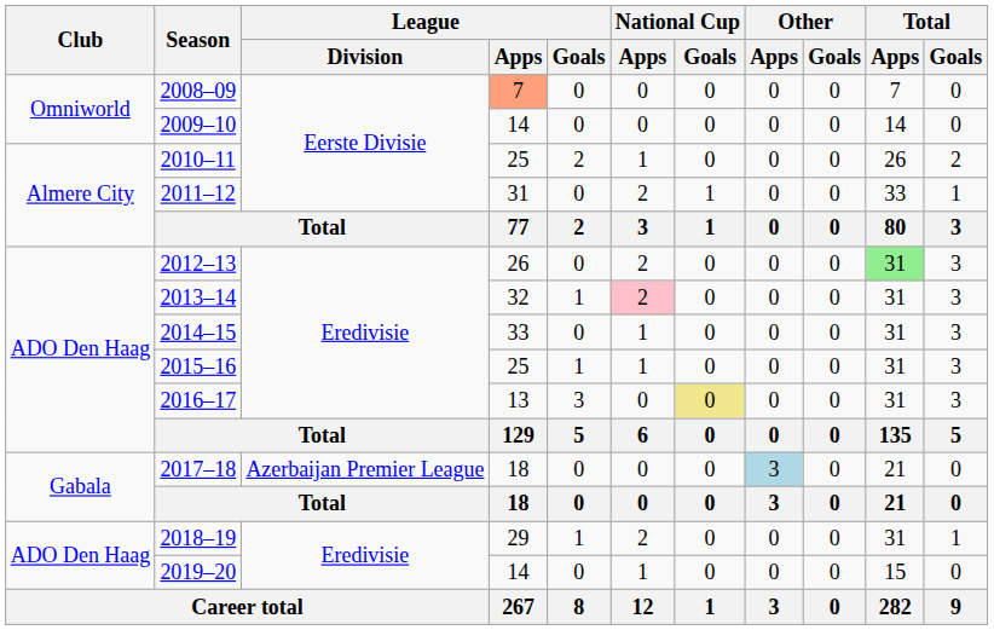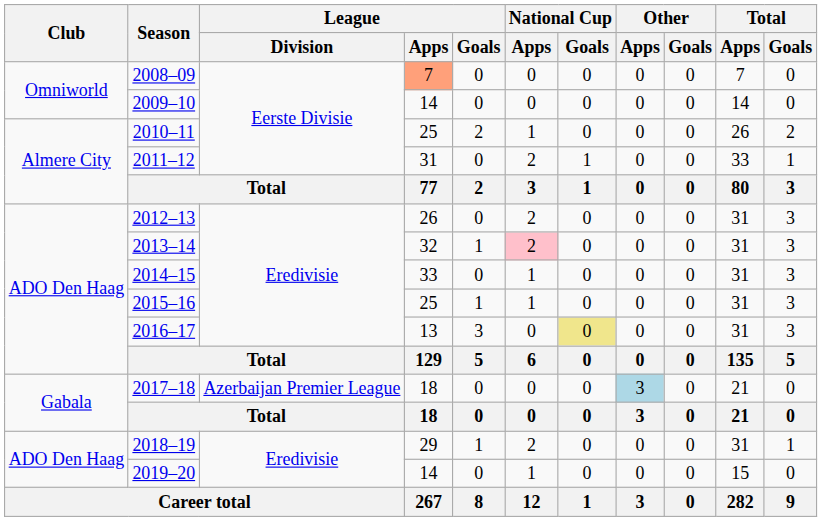 <table class="wikitable" style="text-align: center;">
 <tr>
 <th rowspan="2">Club</th>
 <th rowspan="2">Season</th>
 <th colspan="3">League</th>
 <th colspan="2">National Cup</th>
 <th colspan="2">Other</th>
 <th colspan="2">Total</th>
 </tr>
 <tr>
 <th>Division</th>
 <th>Apps</th>
 <th>Goals</th>
 <th>Apps</th>
 <th>Goals</th>
 <th>Apps</th>
 <th>Goals</th>
 <th>Apps</th>
 <th>Goals</th>
 </tr>
 <tr>
 <td rowspan="2" valign="center"><a href='#'>Omniworld</a></td>
 <td><a href='#'>2008–09</a></td>
 <td rowspan="4" valign="center"><a href='#'>Eerste Divisie</a></td>
 <td style="background: lightsalmon;">7</td>
 <td>0</td>
 <td>0</td>
 <td>0</td>
 <td>0</td>
 <td>0</td>
 <td>7</td>
 <td>0</td>
 </tr>
 <tr>
 <td><a href='#'>2009–10</a></td>
 <td>14</td>
 <td>0</td>
 <td>0</td>
 <td>0</td>
 <td>0</td>
 <td>0</td>
 <td>14</td>
 <td>0</td>
 </tr>
 <tr>
 <td rowspan="3" valign="center"><a href='#'>Almere City</a></td>
 <td><a href='#'>2010–11</a></td>
 <td>25</td>
 <td>2</td>
 <td>1</td>
 <td>0</td>
 <td>0</td>
 <td>0</td>
 <td>26</td>
 <td>2</td>
 </tr>
 <tr>
 <td><a href='#'>2011–12</a></td>
 <td>31</td>
 <td>0</td>
 <td>2</td>
 <td>1</td>
 <td>0</td>
 <td>0</td>
 <td>33</td>
 <td>1</td>
 </tr>
 <tr>
 <th colspan="2">Total</th>
 <th>77</th>
 <th>2</th>
 <th>3</th>
 <th>1</th>
 <th>0</th>
 <th>0</th>
 <th>80</th>
 <th>3</th>
 </tr>
 <tr>
 <td rowspan="6" valign="center"><a href='#'>ADO Den Haag</a></td>
 <td><a href='#'>2012–13</a></td>
 <td rowspan="5" valign="center"><a href='#'>Eredivisie</a></td>
 <td>26</td>
 <td>0</td>
 <td>2</td>
 <td>0</td>
 <td>0</td>
 <td>0</td>
-<td style="background: lightgreen;">31</td>
+<td>31</td>
 <td>3</td>
 </tr>
 <tr>
 <td><a href='#'>2013–14</a></td>
 <td>32</td>
 <td>1</td>
 <td style="background: pink;">2</td>
 <td>0</td>
 <td>0</td>
 <td>0</td>
 <td>31</td>
 <td>3</td>
 </tr>
 <tr>
 <td><a href='#'>2014–15</a></td>
 <td>33</td>
 <td>0</td>
 <td>1</td>
 <td>0</td>
 <td>0</td>
 <td>0</td>
 <td>31</td>
 <td>3</td>
 </tr>
 <tr>
 <td><a href='#'>2015–16</a></td>
 <td>25</td>
 <td>1</td>
 <td>1</td>
 <td>0</td>
 <td>0</td>
 <td>0</td>
 <td>31</td>
 <td>3</td>
 </tr>
 <tr>
 <td><a href='#'>2016–17</a></td>
 <td>13</td>
 <td>3</td>
 <td>0</td>
 <td style="background: khaki;">0</td>
 <td>0</td>
 <td>0</td>
 <td>31</td>
 <td>3</td>
 </tr>
 <tr>
 <th colspan="2">Total</th>
 <th>129</th>
 <th>5</th>
 <th>6</th>
 <th>0</th>
 <th>0</th>
 <th>0</th>
 <th>135</th>
 <th>5</th>
 </tr>
 <tr>
 <td rowspan="2" valign="center"><a href='#'>Gabala</a></td>
 <td><a href='#'>2017–18</a></td>
 <td><a href='#'>Azerbaijan Premier League</a></td>
 <td>18</td>
 <td>0</td>
 <td>0</td>
 <td>0</td>
 <td style="background: lightblue;">3</td>
 <td>0</td>
 <td>21</td>
 <td>0</td>
 </tr>
 <tr>
 <th colspan="2">Total</th>
 <th>18</th>
 <th>0</th>
 <th>0</th>
 <th>0</th>
 <th>3</th>
 <th>0</th>
 <th>21</th>
 <th>0</th>
 </tr>
 <tr>
 <td rowspan="2" valign="center"><a href='#'>ADO Den Haag</a></td>
 <td><a href='#'>2018–19</a></td>
 <td rowspan="2" valign="center"><a href='#'>Eredivisie</a></td>
 <td>29</td>
 <td>1</td>
 <td>2</td>
 <td>0</td>
 <td>0</td>
 <td>0</td>
 <td>31</td>
 <td>1</td>
 </tr>
 <tr>
 <td><a href='#'>2019–20</a></td>
 <td>14</td>
 <td>0</td>
 <td>1</td>
 <td>0</td>
 <td>0</td>
 <td>0</td>
 <td>15</td>
 <td>0</td>
 </tr>
 <tr>
 <th colspan="3">Career total</th>
 <th>267</th>
 <th>8</th>
 <th>12</th>
 <th>1</th>
 <th>3</th>
 <th>0</th>
 <th>282</th>
 <th>9</th>
 </tr>
 </table>
